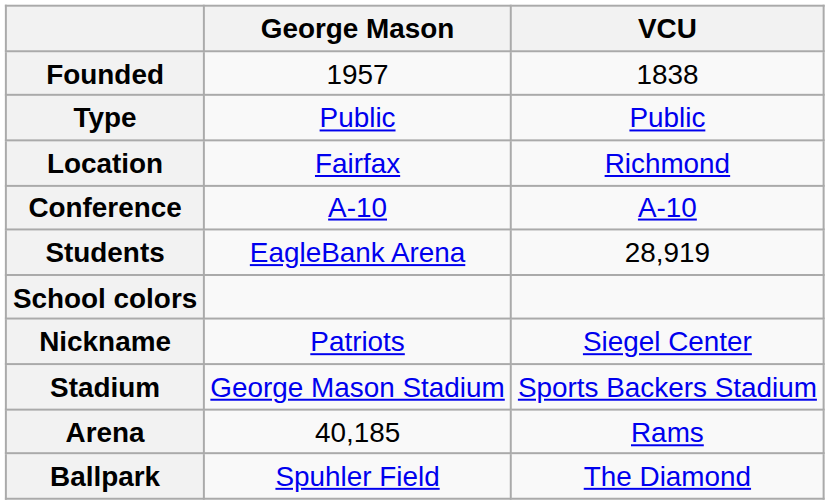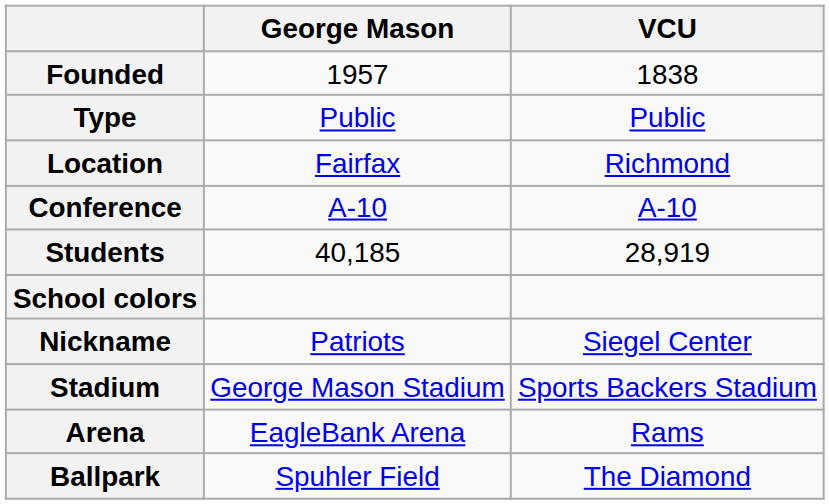 <table class="wikitable" style="float:right; clear:right; margin-left:1em; font-size:88%;">
 <tr>
 <th></th>
 <th>George Mason</th>
 <th>VCU</th>
 </tr>
 <tr>
 <th scope=row>Founded</th>
 <td align=center>1957</td>
 <td align=center>1838</td>
 </tr>
 <tr>
 <th scope=row>Type</th>
 <td align=center><a href='#'>Public</a></td>
 <td align=center><a href='#'>Public</a></td>
 </tr>
 <tr>
 <th scope=row>Location</th>
 <td align=center><a href='#'>Fairfax</a></td>
 <td align=center><a href='#'>Richmond</a></td>
 </tr>
 <tr>
 <th scope=row>Conference</th>
 <td align=center><a href='#'>A-10</a></td>
 <td align=center><a href='#'>A-10</a></td>
 </tr>
 <tr>
 <th scope=row>Students</th>
-<td align=center><a href='#'>EagleBank Arena</a></td>
+<td align=center>40,185</td>
 <td align=center>28,919</td>
 </tr>
 <tr>
 <th scope=row>School colors</th>
 <td align=center> </td>
 <td align=center> </td>
 </tr>
 <tr>
 <th scope=row>Nickname</th>
 <td align=center><a href='#'>Patriots</a></td>
 <td align=center><a href='#'>Siegel Center</a></td>
 </tr>
 <tr>
 <th scope=row>Stadium</th>
 <td align=center><a href='#'>George Mason Stadium</a></td>
 <td align=center><a href='#'>Sports Backers Stadium</a></td>
 </tr>
 <tr>
 <th scope=row>Arena</th>
-<td align=center>40,185</td>
+<td align=center><a href='#'>EagleBank Arena</a></td>
 <td align=center><a href='#'>Rams</a></td>
 </tr>
 <tr>
 <th scope=row>Ballpark</th>
 <td align=center><a href='#'>Spuhler Field</a></td>
 <td align=center><a href='#'>The Diamond</a></td>
 </tr>
 </table>
